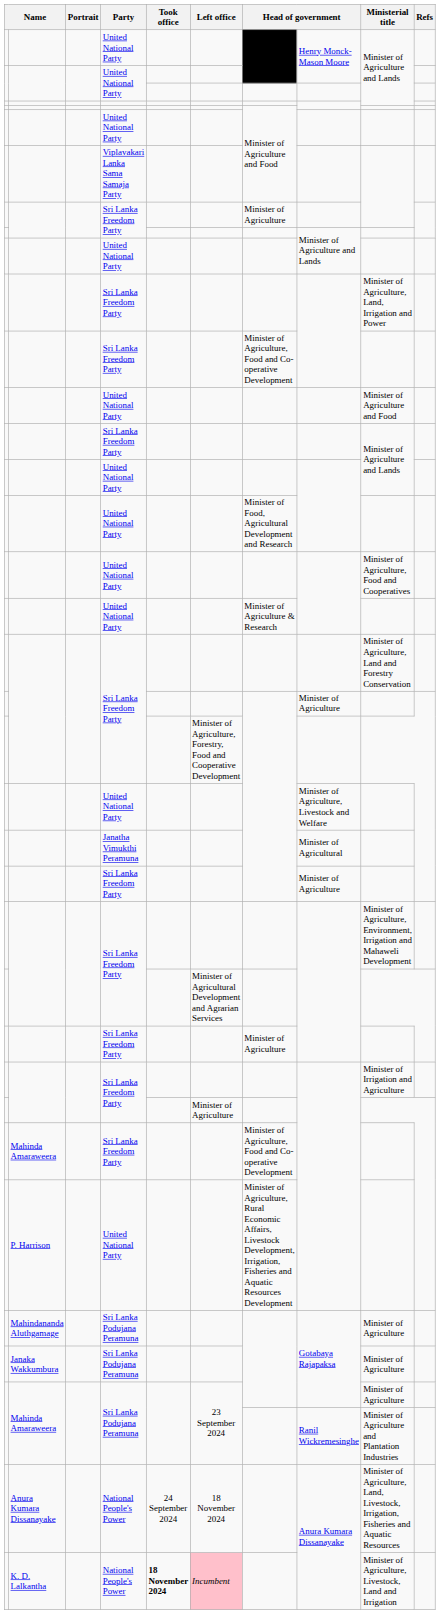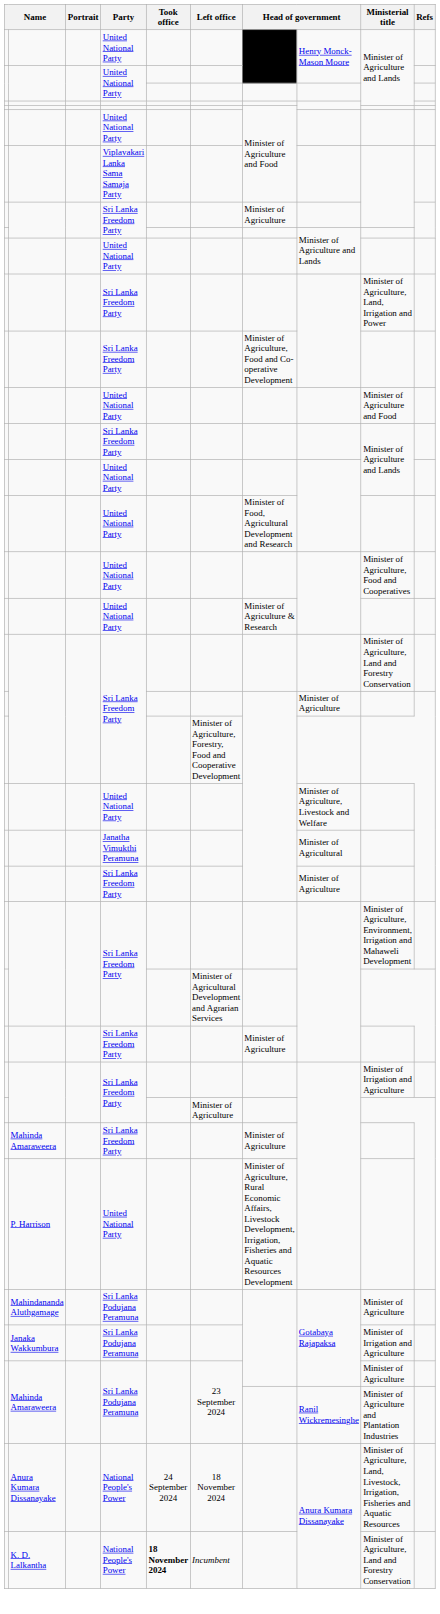 <table class="wikitable plainrowheaders sortable" style="font-size:90%; text-align:left;">
 <tr>
 <th scope=col colspan="2">Name</th>
 <th scope=col class=unsortable>Portrait</th>
 <th scope=col>Party</th>
 <th scope=col>Took office</th>
 <th scope=col>Left office</th>
 <th scope=col colspan="2">Head of government</th>
 <th scope=col>Ministerial title</th>
 <th scope=col class=unsortable>Refs</th>
 </tr>
 <tr>
 <td !align="center" style="background:"></td>
 <td></td>
 <td align=center></td>
 <td><a href='#'>United National Party</a></td>
 <td align="center"></td>
 <td align=center></td>
 <td !align="center" rowspan=2 style="background:black; color:white;"></td>
 <td rowspan="2"><a href='#'>Henry Monck-Mason Moore</a></td>
 <td rowspan="4">Minister of Agriculture and Lands</td>
 <td align=center></td>
 </tr>
 <tr>
 <td !align="center" rowspan=2 style="background:"></td>
 <td rowspan=2></td>
 <td align=center rowspan=2></td>
 <td rowspan="2"><a href='#'>United National Party</a></td>
 <td align="center"></td>
 <td align=center></td>
 <td align="center"></td>
 </tr>
 <tr>
 <td align="center"></td>
 <td align=center></td>
 <td !align="center" style="background:"></td>
 <td></td>
 <td align=center></td>
 </tr>
 <tr>
 <td !align="center" style="background:"></td>
 <td></td>
 <td></td>
 <td></td>
 <td align=center></td>
 <td align=center></td>
 <td !align="center" style="background:"></td>
 <td rowspan=2></td>
 <td align=center></td>
 </tr>
 <tr>
 <td !align="center" style="background:"></td>
 <td></td>
 <td align=center></td>
 <td></td>
 <td align=center></td>
 <td></td>
 <td rowspan=3>Minister of Agriculture and Food</td>
 <td align=center></td>
 </tr>
 <tr>
 <td !align="center" style="background:"></td>
 <td></td>
 <td align=center></td>
 <td><a href='#'>United National Party</a></td>
 <td align=center></td>
 <td align=center></td>
 <td !align="center" style="background:"></td>
 <td></td>
 <td align=center></td>
 </tr>
 <tr>
 <td !align="center" style="background:"></td>
 <td></td>
 <td align=center></td>
 <td><a href='#'>Viplavakari Lanka Sama Samaja Party</a></td>
 <td align=center></td>
 <td align=center></td>
 <td !align="center" style="background:"></td>
 <td rowspan=2></td>
 <td align=center></td>
 </tr>
 <tr>
 <td !align="center" style="background:"></td>
 <td rowspan=2></td>
 <td rowspan=2></td>
 <td rowspan=2><a href='#'>Sri Lanka Freedom Party</a></td>
 <td align=center></td>
 <td></td>
 <td>Minister of Agriculture</td>
 <td align=center></td>
 </tr>
 <tr>
 <td></td>
 <td align=center></td>
 <td !align="center" style="background:"></td>
 <td></td>
 <td rowspan=2>Minister of Agriculture and Lands</td>
 <td align=center></td>
 </tr>
 <tr>
 <td !align="center" style="background:"></td>
 <td></td>
 <td></td>
 <td><a href='#'>United National Party</a></td>
 <td align=center></td>
 <td align=center></td>
 <td !align="center" style="background:"></td>
 <td></td>
 <td align=center></td>
 </tr>
 <tr>
 <td !align="center" style="background:"></td>
 <td></td>
 <td></td>
 <td><a href='#'>Sri Lanka Freedom Party</a></td>
 <td align=center></td>
 <td align=center></td>
 <td !align="center" style="background:"></td>
 <td rowspan=2></td>
 <td>Minister of Agriculture, Land, Irrigation and Power</td>
 <td align=center></td>
 </tr>
 <tr>
 <td !align="center" style="background:"></td>
 <td></td>
 <td></td>
 <td><a href='#'>Sri Lanka Freedom Party</a></td>
 <td align=center></td>
 <td align=center></td>
 <td>Minister of Agriculture, Food and Co-operative Development</td>
 <td align=center></td>
 </tr>
 <tr>
 <td !align="center" style="background:"></td>
 <td></td>
 <td></td>
 <td><a href='#'>United National Party</a></td>
 <td></td>
 <td></td>
 <td !align="center" style="background:"></td>
 <td></td>
 <td>Minister of Agriculture and Food</td>
 <td align=center></td>
 </tr>
 <tr>
 <td !align="center" style="background:"></td>
 <td></td>
 <td></td>
 <td><a href='#'>Sri Lanka Freedom Party</a></td>
 <td></td>
 <td></td>
 <td !align="center" style="background:"></td>
 <td></td>
 <td rowspan=2>Minister of Agriculture and Lands</td>
 <td align=center></td>
 </tr>
 <tr>
 <td !align="center" style="background:"></td>
 <td></td>
 <td align=center></td>
 <td><a href='#'>United National Party</a></td>
 <td align=center></td>
 <td></td>
 <td !align="center" style="background:"></td>
 <td rowspan=2></td>
 <td align=center></td>
 </tr>
 <tr>
 <td !align="center" style="background:"></td>
 <td></td>
 <td></td>
 <td><a href='#'>United National Party</a></td>
 <td></td>
 <td></td>
 <td>Minister of Food, Agricultural Development and Research</td>
 <td align=center></td>
 </tr>
 <tr>
 <td !align="center" style="background:"></td>
 <td></td>
 <td></td>
 <td><a href='#'>United National Party</a></td>
 <td align=center></td>
 <td></td>
 <td !align="center" style="background:"></td>
 <td rowspan=2></td>
 <td>Minister of Agriculture, Food and Cooperatives</td>
 <td align=center></td>
 </tr>
 <tr>
 <td !align="center" style="background:"></td>
 <td></td>
 <td></td>
 <td><a href='#'>United National Party</a></td>
 <td align=center></td>
 <td></td>
 <td>Minister of Agriculture & Research</td>
 <td align=center></td>
 </tr>
 <tr>
 <td !align="center" style="background:"></td>
 <td rowspan=3></td>
 <td align=center rowspan=3></td>
 <td rowspan=3><a href='#'>Sri Lanka Freedom Party</a></td>
 <td align=center></td>
 <td align=center></td>
 <td !align="center" style="background:"></td>
 <td></td>
 <td>Minister of Agriculture, Land and Forestry Conservation</td>
 <td align=center></td>
 </tr>
 <tr>
 <td align=center></td>
 <td align=center></td>
 <td !align="center" style="background:"></td>
 <td rowspan=5></td>
 <td>Minister of Agriculture</td>
 <td align=center></td>
 </tr>
 <tr>
 <td align=center></td>
 <td align=center></td>
 <td>Minister of Agriculture, Forestry, Food and Cooperative Development</td>
 <td align=center></td>
 </tr>
 <tr>
 <td !align="center" style="background:"></td>
 <td></td>
 <td align=center></td>
 <td><a href='#'>United National Party</a></td>
 <td align=center></td>
 <td></td>
 <td>Minister of Agriculture, Livestock and Welfare</td>
 <td align=center></td>
 </tr>
 <tr>
 <td !align="center" style="background:"></td>
 <td></td>
 <td align=center></td>
 <td><a href='#'>Janatha Vimukthi Peramuna</a></td>
 <td align=center></td>
 <td></td>
 <td>Minister of Agricultural</td>
 <td align=center></td>
 </tr>
 <tr>
 <td style="background:"></td>
 <td></td>
 <td align=center></td>
 <td><a href='#'>Sri Lanka Freedom Party</a></td>
 <td align=center></td>
 <td></td>
 <td>Minister of Agriculture</td>
 <td align=center></td>
 </tr>
 <tr>
 <td !align="center" style="background:"></td>
 <td rowspan=2></td>
 <td align=center rowspan=2></td>
 <td rowspan=2><a href='#'>Sri Lanka Freedom Party</a></td>
 <td align=center></td>
 <td></td>
 <td !align="center" style="background:"></td>
 <td rowspan=3></td>
 <td>Minister of Agriculture, Environment, Irrigation and Mahaweli Development</td>
 <td align=center></td>
 </tr>
 <tr>
 <td align=center></td>
 <td></td>
 <td>Minister of Agricultural Development and Agrarian Services</td>
 <td align=center></td>
 </tr>
 <tr>
 <td !align="center" style="background:"></td>
 <td></td>
 <td align=center></td>
 <td><a href='#'>Sri Lanka Freedom Party</a></td>
 <td align=center></td>
 <td></td>
 <td>Minister of Agriculture</td>
 <td align=center></td>
 </tr>
 <tr>
 <td !align="center" style="background:"></td>
 <td rowspan=2></td>
 <td align=center rowspan=2></td>
 <td rowspan=2><a href='#'>Sri Lanka Freedom Party</a></td>
 <td align=center></td>
 <td align=center></td>
 <td !align="center" style="background:"></td>
 <td rowspan="4"></td>
 <td>Minister of Irrigation and Agriculture</td>
 <td align=center></td>
 </tr>
 <tr>
 <td align=center></td>
 <td align=center></td>
 <td>Minister of Agriculture</td>
 <td align=center></td>
 </tr>
 <tr>
 <td !align="center" style="background:"></td>
 <td><a href='#'>Mahinda Amaraweera</a></td>
 <td></td>
 <td><a href='#'>Sri Lanka Freedom Party</a></td>
 <td align=center></td>
 <td align=center></td>
-<td>Minister of Agriculture, Food and Co-operative Development</td>
+<td>Minister of Agriculture</td>
 <td></td>
 </tr>
 <tr>
 <td !align="center" style="background:"></td>
 <td><a href='#'>P. Harrison</a></td>
 <td align=center></td>
 <td><a href='#'>United National Party</a></td>
 <td align=center></td>
 <td align=center></td>
 <td>Minister of Agriculture, Rural Economic Affairs, Livestock Development, Irrigation, Fisheries and Aquatic Resources Development</td>
 <td></td>
 </tr>
 <tr>
 <td !align="center" style="background:"></td>
 <td><a href='#'>Mahindananda Aluthgamage</a></td>
 <td></td>
 <td><a href='#'>Sri Lanka Podujana Peramuna</a></td>
 <td align=center></td>
 <td align=center></td>
 <td !align="center" rowspan=3 style="background:"></td>
 <td rowspan=3><a href='#'>Gotabaya Rajapaksa</a></td>
 <td>Minister of Agriculture</td>
 <td></td>
 </tr>
 <tr>
 <td !align="center" style="background:"></td>
 <td><a href='#'>Janaka Wakkumbura</a></td>
 <td></td>
 <td><a href='#'>Sri Lanka Podujana Peramuna</a></td>
 <td align=center></td>
 <td align=center></td>
-<td>Minister of Agriculture</td>
+<td>Minister of Irrigation and Agriculture</td>
 <td></td>
 </tr>
 <tr>
 <td !align="center" rowspan=2 style="background:"></td>
 <td rowspan=2><a href='#'>Mahinda Amaraweera</a></td>
 <td rowspan=2></td>
 <td rowspan=2><a href='#'>Sri Lanka Podujana Peramuna</a></td>
 <td align=center rowspan=2></td>
 <td align=center rowspan=2>23 September 2024</td>
 <td>Minister of Agriculture</td>
 <td></td>
 </tr>
 <tr>
 <td !align="center" style="background:"></td>
 <td><a href='#'>Ranil Wickremesinghe</a></td>
 <td>Minister of Agriculture and Plantation Industries</td>
 <td align=center></td>
 </tr>
 <tr>
 <td !align="center" style="background:"></td>
 <td><a href='#'>Anura Kumara Dissanayake</a></td>
 <td></td>
 <td><a href='#'>National People's Power</a></td>
 <td align=center>24 September 2024</td>
 <td align=center>18 November 2024</td>
 <td !align="center" style="background:"></td>
 <td rowspan="2"><a href='#'>Anura Kumara Dissanayake</a></td>
 <td>Minister of Agriculture, Land, Livestock, Irrigation, Fisheries and Aquatic Resources</td>
 <td align=center></td>
 </tr>
 <tr>
 <td !align="center" style="background:"></td>
 <td><a href='#'>K. D. Lalkantha</a></td>
 <td></td>
 <td><a href='#'>National People's Power</a></td>
 <td><strong>18 November 2024</strong></td>
-<td style="background: pink;"><em>Incumbent</em></td>
+<td><em>Incumbent</em></td>
 <td !align="center" style="background:"></td>
-<td>Minister of Agriculture, Livestock, Land and Irrigation</td>
+<td>Minister of Agriculture, Land and Forestry Conservation</td>
 <td></td>
 </tr>
 </table>
